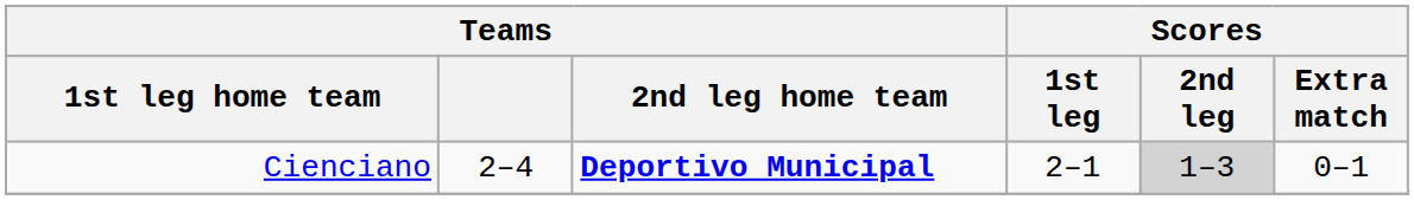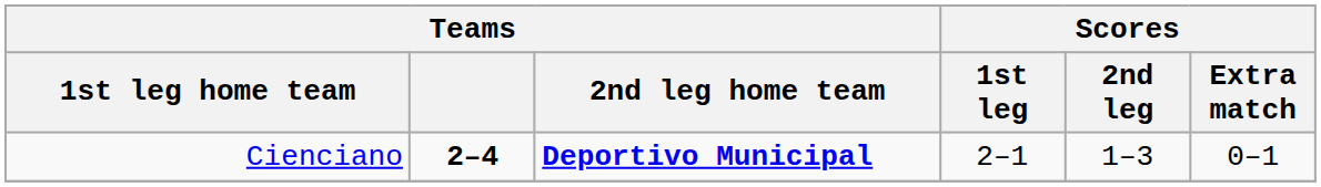 <table class="wikitable" style="text-align: center;">
 <tr>
 <th colspan=3>Teams</th>
 <th colspan=3>Scores</th>
 </tr>
 <tr>
 <th width="175">1st leg home team</th>
 <th width="50"></th>
 <th width="175">2nd leg home team</th>
 <th width="50">1st leg</th>
 <th width="50">2nd leg</th>
 <th width="50">Extra match</th>
 </tr>
 <tr>
 <td align=right><a href='#'>Cienciano</a></td>
-<td>2–4</td>
+<td><strong>2–4</strong></td>
 <td align=left><strong><a href='#'>Deportivo Municipal</a></strong></td>
 <td>2–1</td>
-<td style="background: lightgrey;">1–3</td>
+<td>1–3</td>
 <td>0–1</td>
 </tr>
 <tr>
 </tr>
 </table>
